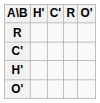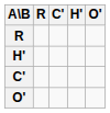 <table class="wikitable">
 <tr>
 <th>A\B</th>
+<th>R</th>
+<th>C'</th>
 <th>H'</th>
-<th>C'</th>
-<th>R</th>
 <th>O'</th>
 </tr>
 <tr>
 <th>R</th>
+<td></td>
+<td></td>
+<td></td>
+<td></td>
+</tr>
+<tr>
+<th>H'</th>
 <td></td>
 <td></td>
 <td></td>
 <td></td>
 </tr>
 <tr>
 <th>C'</th>
 <td></td>
 <td></td>
 <td></td>
 <td></td>
 </tr>
 <tr>
-<th>H'</th>
-<td></td>
-<td></td>
-<td></td>
-<td></td>
-</tr>
-<tr>
 <th>O'</th>
 <td></td>
 <td></td>
 <td></td>
 <td></td>
 </tr>
 </table>
